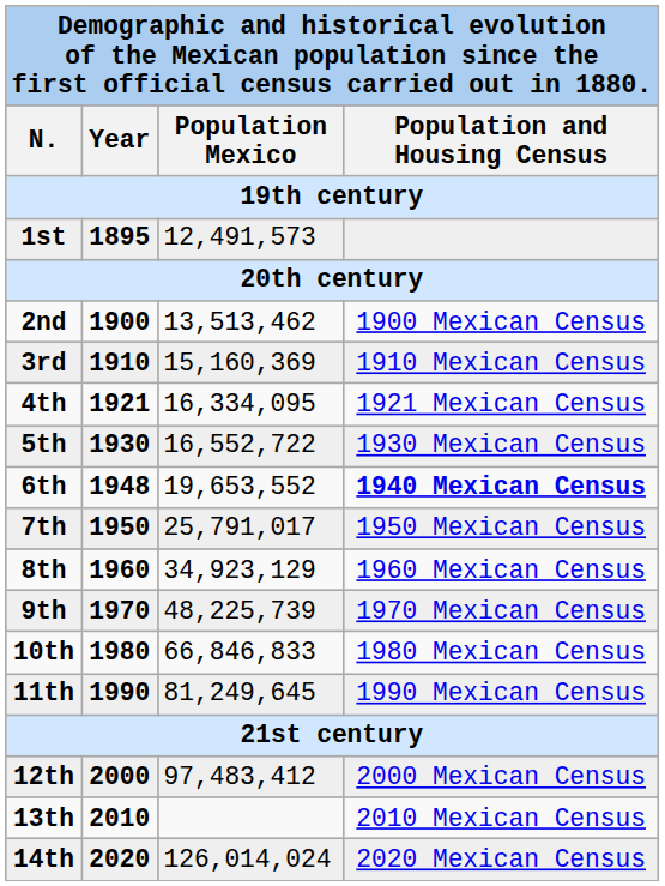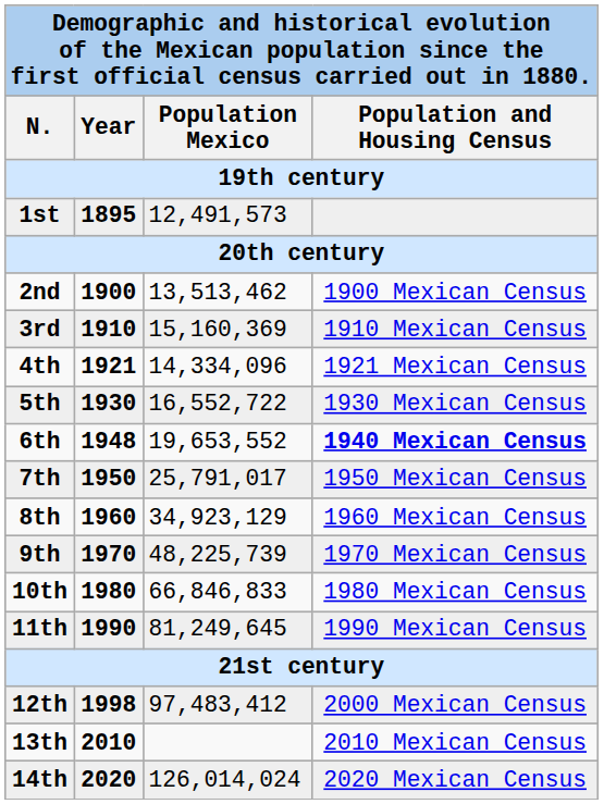 <table class="wikitable">
 <tr>
 <th colspan= "4" style="text-align:center; background:#abcdef;">Demographic and historical evolution <br>of the Mexican population since the <br> first official census carried out in 1880.</th>
 </tr>
 <tr>
 <th>N.</th>
 <th>Year</th>
 <th>Population<br>Mexico</th>
 <th>Population and <br> Housing Census</th>
 </tr>
 <tr align="center">
 <td colspan="4" style="background:#D0E7FF"><strong>19th century</strong></td>
 </tr>
 <tr align="center" style="background:#efefef; color:black">
 <td><strong>1st</strong></td>
 <td><strong>1895</strong></td>
 <td align="left"> 12,491,573</td>
 <td></td>
 </tr>
 <tr align="center">
 <td colspan="4" style="background:#D0E7FF"><strong>20th century</strong></td>
 </tr>
 <tr align="center">
 <td><strong>2nd</strong></td>
 <td><strong>1900</strong></td>
 <td align="left"> 13,513,462</td>
 <td><a href='#'>1900 Mexican Census</a></td>
 </tr>
 <tr align="center" style="background:#efefef; color:black">
 <td><strong>3rd</strong></td>
 <td><strong>1910</strong></td>
 <td align="left"> 15,160,369</td>
 <td><a href='#'>1910 Mexican Census</a></td>
 </tr>
 <tr align="center">
 <td><strong>4th</strong></td>
 <td><strong>1921</strong></td>
-<td align="left"> 16,334,095</td>
+<td align="left"> 14,334,096</td>
 <td><a href='#'>1921 Mexican Census</a></td>
 </tr>
 <tr align="center" style="background:#efefef; color:black">
 <td><strong>5th</strong></td>
 <td><strong>1930</strong></td>
 <td align="left"> 16,552,722</td>
 <td><a href='#'>1930 Mexican Census</a></td>
 </tr>
 <tr align="center">
 <td><strong>6th</strong></td>
 <td><strong>1948</strong></td>
 <td align="left"> 19,653,552</td>
 <td><strong><a href='#'>1940 Mexican Census</a></strong></td>
 </tr>
 <tr align="center" style="background:#efefef; color:black">
 <td><strong>7th</strong></td>
 <td><strong>1950</strong></td>
 <td align="left"> 25,791,017</td>
 <td><a href='#'>1950 Mexican Census</a></td>
 </tr>
 <tr align="center">
 <td><strong>8th</strong></td>
 <td><strong>1960</strong></td>
 <td align="left"> 34,923,129</td>
 <td><a href='#'>1960 Mexican Census</a></td>
 </tr>
 <tr align="center" style="background:#efefef; color:black">
 <td><strong>9th</strong></td>
 <td><strong>1970</strong></td>
 <td align="left"> 48,225,739</td>
 <td><a href='#'>1970 Mexican Census</a></td>
 </tr>
 <tr align="center">
 <td><strong>10th</strong></td>
 <td><strong>1980</strong></td>
 <td align="left"> 66,846,833</td>
 <td><a href='#'>1980 Mexican Census</a></td>
 </tr>
 <tr align="center" style="background:#efefef; color:black">
 <td><strong>11th</strong></td>
 <td><strong>1990</strong></td>
 <td align="left"> 81,249,645</td>
 <td><a href='#'>1990 Mexican Census</a></td>
 </tr>
 <tr align="center">
 <td colspan="4" style="background:#D0E7FF"><strong>21st century</strong></td>
 </tr>
 <tr align="center" style="background:#efefef; color:black">
 <td><strong>12th</strong></td>
-<td><strong>2000</strong></td>
+<td><strong>1998</strong></td>
 <td align="left"> 97,483,412</td>
 <td><a href='#'>2000 Mexican Census</a></td>
 </tr>
 <tr align="center">
 <td><strong>13th</strong></td>
 <td><strong>2010</strong></td>
 <td align="left"></td>
 <td><a href='#'>2010 Mexican Census</a></td>
 </tr>
 <tr align="center" style="background:#efefef; color:black">
 <td><strong>14th</strong></td>
 <td><strong>2020</strong></td>
 <td align="left"> 126,014,024</td>
 <td><a href='#'>2020 Mexican Census</a></td>
 </tr>
 <tr align="center">
 </tr>
 </table>
